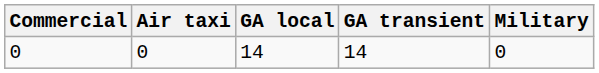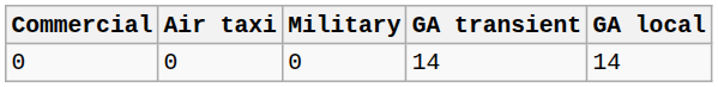 <table class="wikitable">
 <tr>
 <th>Commercial</th>
 <th>Air taxi</th>
+<th>Military</th>
+<th>GA transient</th>
 <th>GA local</th>
-<th>GA transient</th>
-<th>Military</th>
 </tr>
 <tr>
 <td>0</td>
 <td>0</td>
+<td>0</td>
 <td>14</td>
 <td>14</td>
-<td>0</td>
 </tr>
 </table>
